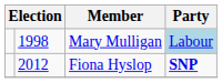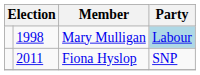 <table class="wikitable">
 <tr>
 <th colspan="2">Election</th>
 <th>Member</th>
 <th>Party</th>
 </tr>
 <tr>
 <td style="background-color: "></td>
 <td><a href='#'>1998</a></td>
 <td><a href='#'>Mary Mulligan</a></td>
 <td style="background: lightblue;"><a href='#'>Labour</a></td>
 </tr>
 <tr>
 <td style="background-color: "></td>
-<td><a href='#'>2012</a></td>
+<td><a href='#'>2011</a></td>
 <td><a href='#'>Fiona Hyslop</a></td>
-<td><strong><a href='#'>SNP</a></strong></td>
+<td><a href='#'>SNP</a></td>
 </tr>
 <tr>
 </tr>
 </table>
